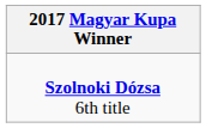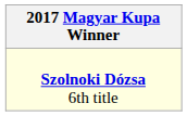 <table class=wikitable style="text-align:center; width:175px; margin:auto">
 <tr>
 <th>2017 <a href='#'>Magyar Kupa</a><br>Winner</th>
 </tr>
 <tr>
-<td align=center><br><strong><a href='#'>Szolnoki Dózsa</a></strong><br>6th title</td>
+<td align=center style="background: lightyellow;"><br><strong><a href='#'>Szolnoki Dózsa</a></strong><br>6th title</td>
 </tr>
 </table>
